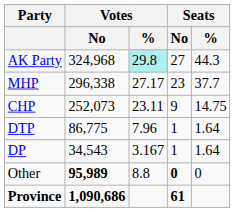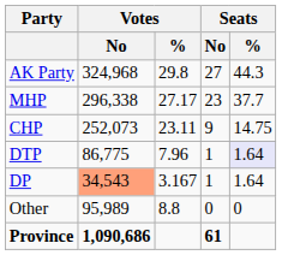 <table class="sortable wikitable">
 <tr>
 <th valign=bottom>Party</th>
 <th colspan=2 style="border-right:0px;";>Votes</th>
 <th colspan=2 style="border-right:0px;";>Seats</th>
 </tr>
 <tr>
 <th></th>
 <th valign=top>No</th>
 <th valign=top>%</th>
 <th valign=top>No</th>
 <th valign=top>%</th>
 </tr>
 <tr>
 <td><a href='#'>AK Party</a></td>
 <td>324,968</td>
-<td style="background: paleturquoise;">29.8</td>
+<td>29.8</td>
 <td>27</td>
 <td>44.3</td>
 </tr>
 <tr>
 <td><a href='#'>MHP</a></td>
 <td>296,338</td>
 <td>27.17</td>
 <td>23</td>
 <td>37.7</td>
 </tr>
 <tr>
 <td><a href='#'>CHP</a></td>
 <td>252,073</td>
 <td>23.11</td>
 <td>9</td>
 <td>14.75</td>
 </tr>
 <tr>
 <td><a href='#'>DTP</a></td>
 <td>86,775</td>
 <td>7.96</td>
 <td>1</td>
-<td>1.64</td>
+<td style="background: lavender;">1.64</td>
 </tr>
 <tr>
 <td><a href='#'>DP</a></td>
-<td>34,543</td>
+<td style="background: lightsalmon;">34,543</td>
 <td>3.167</td>
 <td>1</td>
 <td>1.64</td>
 </tr>
 <tr>
 <td>Other</td>
-<td><strong>95,989</strong></td>
+<td>95,989</td>
 <td>8.8</td>
-<td><strong>0</strong></td>
+<td>0</td>
 <td>0</td>
 </tr>
 <tr>
 <td><strong>Province</strong></td>
 <td><strong>1,090,686</strong></td>
 <td></td>
 <td><strong>61</strong></td>
 <td></td>
 </tr>
 </table>
